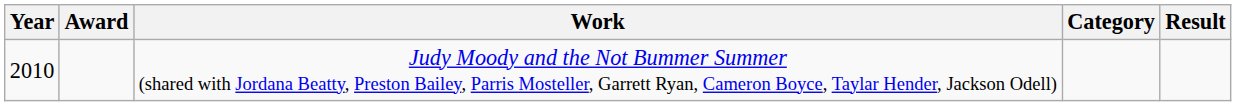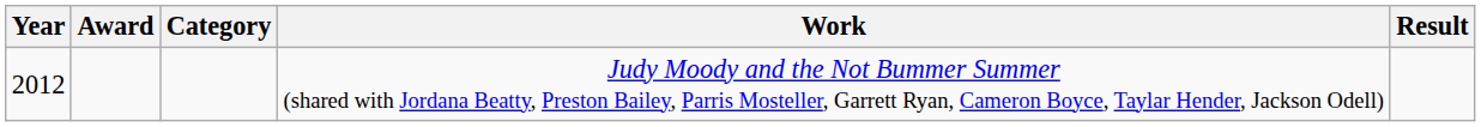 <table class="wikitable plainrowheaders" style="text-align:center;">
 <tr>
 <th>Year</th>
 <th>Award</th>
+<th>Category</th>
 <th>Work</th>
-<th>Category</th>
 <th>Result</th>
 </tr>
 <tr>
-<td>2010</td>
+<td>2012</td>
+<td></td>
 <td></td>
 <td><em><a href='#'>Judy Moody and the Not Bummer Summer</a></em><br><small>(shared with <a href='#'>Jordana Beatty</a>, <a href='#'>Preston Bailey</a>, <a href='#'>Parris Mosteller</a>, Garrett Ryan, <a href='#'>Cameron Boyce</a>, <a href='#'>Taylar Hender</a>, Jackson Odell)</small></td>
 <td></td>
-<td></td>
 </tr>
 </table>
